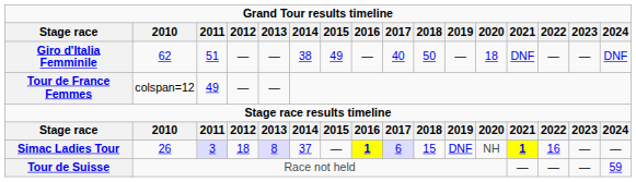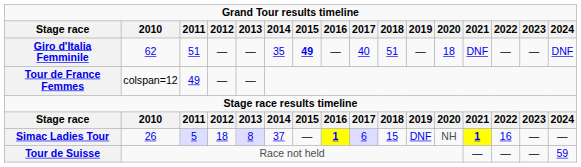 <table class="wikitable plainrowheaders">
 <tr>
 <td colspan=16 align=center><strong>Grand Tour results timeline</strong></td>
 </tr>
 <tr style="background:#EEEEEE;">
 <th>Stage race</th>
 <th>2010</th>
 <th>2011</th>
 <th>2012</th>
 <th>2013</th>
 <th>2014</th>
 <th>2015</th>
 <th>2016</th>
 <th>2017</th>
 <th>2018</th>
 <th>2019</th>
 <th>2020</th>
 <th>2021</th>
 <th>2022</th>
 <th>2023</th>
 <th>2024</th>
 </tr>
 <tr style="text-align:center;">
 <th scope="row"><a href='#'>Giro d'Italia Femminile</a></th>
 <td><a href='#'>62</a></td>
 <td><a href='#'>51</a></td>
 <td>—</td>
 <td>—</td>
-<td><a href='#'>38</a></td>
-<td><a href='#'>49</a></td>
+<td><a href='#'>35</a></td>
+<td><strong><a href='#'>49</a></strong></td>
 <td>—</td>
 <td><a href='#'>40</a></td>
-<td><a href='#'>50</a></td>
+<td><a href='#'>51</a></td>
 <td>—</td>
 <td><a href='#'>18</a></td>
 <td><a href='#'>DNF</a></td>
 <td>—</td>
 <td>—</td>
 <td><a href='#'>DNF</a></td>
 </tr>
 <tr style="text-align:center;">
 <th scope="row"><a href='#'>Tour de France Femmes</a></th>
 <td>colspan=12 </td>
 <td><a href='#'>49</a></td>
 <td>—</td>
 <td>—</td>
 </tr>
 <tr>
 <td colspan="16" align="center"><strong>Stage race results timeline</strong></td>
 </tr>
 <tr style="background:#EEEEEE;">
 <th>Stage race</th>
 <th>2010</th>
 <th>2011</th>
 <th>2012</th>
 <th>2013</th>
 <th>2014</th>
 <th>2015</th>
 <th>2016</th>
 <th>2017</th>
 <th>2018</th>
 <th>2019</th>
 <th>2020</th>
 <th>2021</th>
 <th>2022</th>
 <th>2023</th>
 <th>2024</th>
 </tr>
 <tr style="text-align:center;">
 <th scope="row"><a href='#'>Simac Ladies Tour</a></th>
 <td><a href='#'>26</a></td>
-<td style="background:#ddf;"><a href='#'>3</a></td>
+<td style="background:#ddf;"><a href='#'>5</a></td>
 <td><a href='#'>18</a></td>
 <td style="background:#ddf;"><a href='#'>8</a></td>
 <td><a href='#'>37</a></td>
 <td>—</td>
 <th style="background:yellow;"><a href='#'>1</a></th>
 <td style="background:#ddf;"><a href='#'>6</a></td>
 <td><a href='#'>15</a></td>
 <td><a href='#'>DNF</a></td>
 <td style="color:#4d4d4d;" colspan=1>NH</td>
 <th style="background:yellow;"><a href='#'>1</a></th>
 <td><a href='#'>16</a></td>
 <td>—</td>
 <td>—</td>
 </tr>
 <tr style="text-align:center;">
 <th scope="row"><a href='#'>Tour de Suisse</a></th>
 <td style="color:#4d4d4d;" colspan=11>Race not held</td>
 <td>—</td>
 <td>—</td>
 <td>—</td>
 <td><a href='#'>59</a></td>
 </tr>
 </table>
